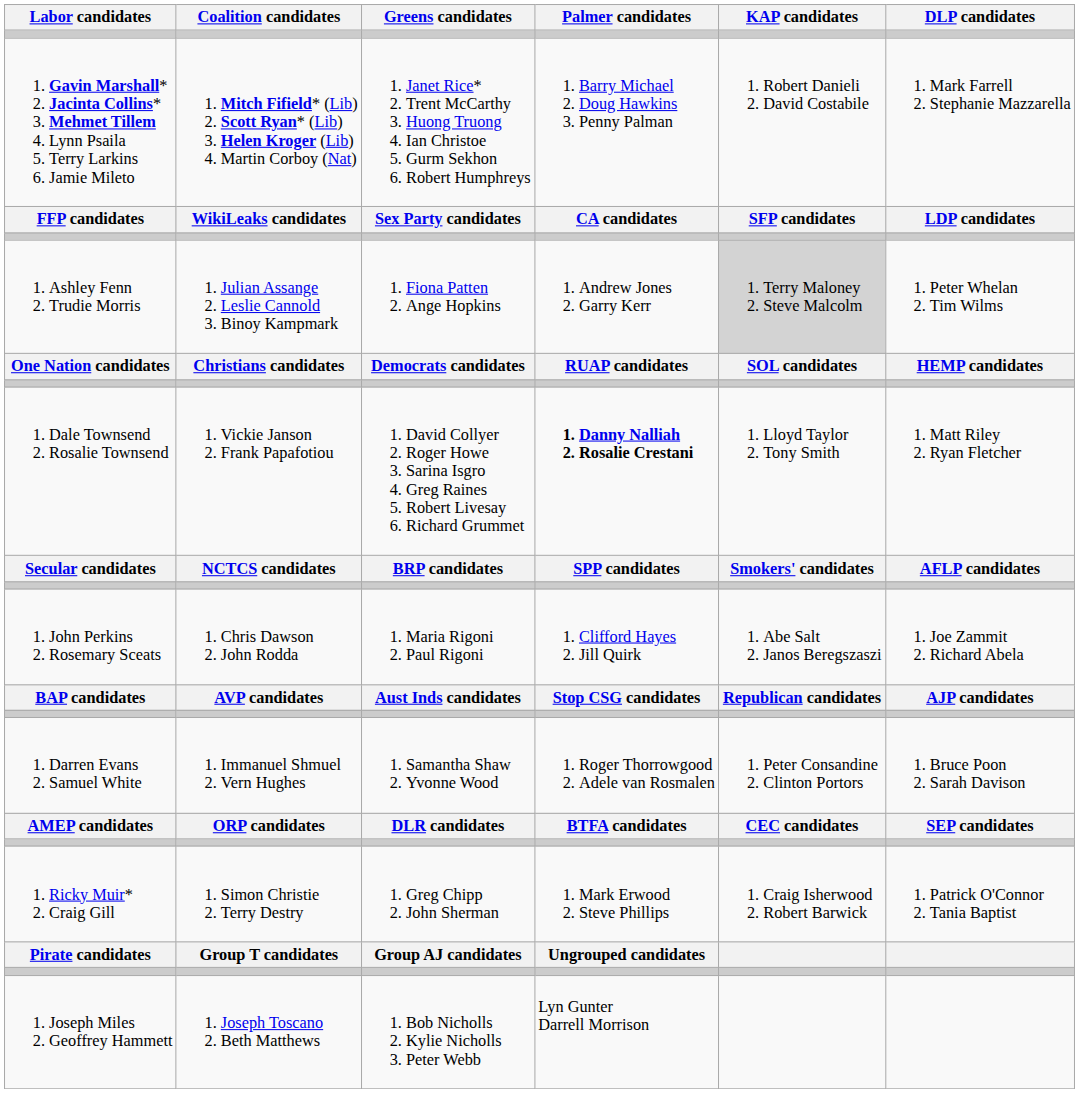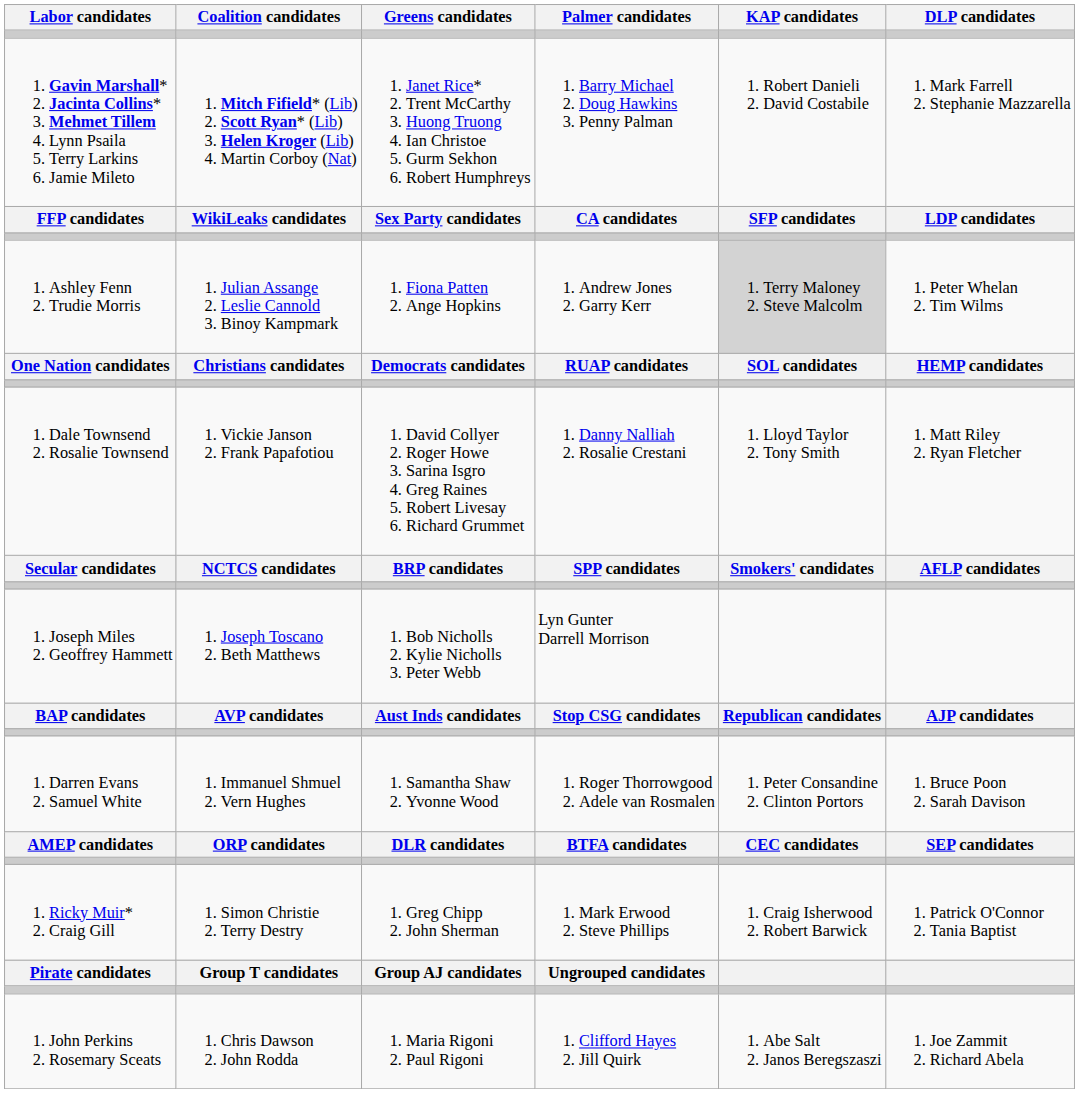 <table class="wikitable">
 <tr>
 <th><a href='#'>Labor</a> candidates</th>
 <th><a href='#'>Coalition</a> candidates</th>
 <th><a href='#'>Greens</a> candidates</th>
 <th><a href='#'>Palmer</a> candidates</th>
 <th><a href='#'>KAP</a> candidates</th>
 <th><a href='#'>DLP</a> candidates</th>
 </tr>
 <tr style="background:#ccc;">
 <td></td>
 <td></td>
 <td></td>
 <td></td>
 <td></td>
 <td></td>
 </tr>
 <tr>
 <td><br><ol><li><strong><a href='#'>Gavin Marshall</a></strong>*</li><li><strong><a href='#'>Jacinta Collins</a></strong>*</li><li><strong><a href='#'>Mehmet Tillem</a></strong></li><li>Lynn Psaila</li><li>Terry Larkins</li><li>Jamie Mileto</li></ol></td>
 <td><br><ol><li><strong><a href='#'>Mitch Fifield</a></strong>* (<a href='#'>Lib</a>)</li><li><strong><a href='#'>Scott Ryan</a></strong>* (<a href='#'>Lib</a>)</li><li><strong><a href='#'>Helen Kroger</a></strong> (<a href='#'>Lib</a>)</li><li>Martin Corboy (<a href='#'>Nat</a>)</li></ol></td>
 <td><br><ol><li><a href='#'>Janet Rice</a>*</li><li>Trent McCarthy</li><li><a href='#'>Huong Truong</a></li><li>Ian Christoe</li><li>Gurm Sekhon</li><li>Robert Humphreys</li></ol></td>
 <td valign=top><br><ol><li><a href='#'>Barry Michael</a></li><li><a href='#'>Doug Hawkins</a></li><li>Penny Palman</li></ol></td>
 <td valign=top><br><ol><li>Robert Danieli</li><li>David Costabile</li></ol></td>
 <td valign=top><br><ol><li>Mark Farrell</li><li>Stephanie Mazzarella</li></ol></td>
 </tr>
 <tr style="background:#ccc;">
 <th><a href='#'>FFP</a> candidates</th>
 <th><a href='#'>WikiLeaks</a> candidates</th>
 <th><a href='#'>Sex Party</a> candidates</th>
 <th><a href='#'>CA</a> candidates</th>
 <th><a href='#'>SFP</a> candidates</th>
 <th><a href='#'>LDP</a> candidates</th>
 </tr>
 <tr style="background:#ccc;">
 <td></td>
 <td></td>
 <td></td>
 <td></td>
 <td></td>
 <td></td>
 </tr>
 <tr>
 <td valign=top><br><ol><li>Ashley Fenn</li><li>Trudie Morris</li></ol></td>
 <td valign=top><br><ol><li><a href='#'>Julian Assange</a></li><li><a href='#'>Leslie Cannold</a></li><li>Binoy Kampmark</li></ol></td>
 <td valign=top><br><ol><li><a href='#'>Fiona Patten</a></li><li>Ange Hopkins</li></ol></td>
 <td valign=top><br><ol><li>Andrew Jones</li><li>Garry Kerr</li></ol></td>
 <td valign=top style="background: lightgrey;"><br><ol><li>Terry Maloney</li><li>Steve Malcolm</li></ol></td>
 <td valign=top><br><ol><li>Peter Whelan</li><li>Tim Wilms</li></ol></td>
 </tr>
 <tr style="background:#ccc;">
 <th><a href='#'>One Nation</a> candidates</th>
 <th><a href='#'>Christians</a> candidates</th>
 <th><a href='#'>Democrats</a> candidates</th>
 <th><a href='#'>RUAP</a> candidates</th>
 <th><a href='#'>SOL</a> candidates</th>
 <th><a href='#'>HEMP</a> candidates</th>
 </tr>
 <tr style="background:#ccc;">
 <td></td>
 <td></td>
 <td></td>
 <td></td>
 <td></td>
 <td></td>
 </tr>
 <tr>
 <td valign=top><br><ol><li>Dale Townsend</li><li>Rosalie Townsend</li></ol></td>
 <td valign=top><br><ol><li>Vickie Janson</li><li>Frank Papafotiou</li></ol></td>
 <td valign=top><br><ol><li>David Collyer</li><li>Roger Howe</li><li>Sarina Isgro</li><li>Greg Raines</li><li>Robert Livesay</li><li>Richard Grummet</li></ol></td>
-<td valign=top><strong><br><ol><li><a href='#'>Danny Nalliah</a></li><li>Rosalie Crestani</li></ol></strong></td>
+<td valign=top><br><ol><li><a href='#'>Danny Nalliah</a></li><li>Rosalie Crestani</li></ol></td>
 <td valign=top><br><ol><li>Lloyd Taylor</li><li>Tony Smith</li></ol></td>
 <td valign=top><br><ol><li>Matt Riley</li><li>Ryan Fletcher</li></ol></td>
 </tr>
 <tr style="background:#ccc;">
 <th><a href='#'>Secular</a> candidates</th>
 <th><a href='#'>NCTCS</a> candidates</th>
 <th><a href='#'>BRP</a> candidates</th>
 <th><a href='#'>SPP</a> candidates</th>
 <th><a href='#'>Smokers'</a> candidates</th>
 <th><a href='#'>AFLP</a> candidates</th>
 </tr>
 <tr style="background:#ccc;">
 <td></td>
 <td></td>
 <td></td>
 <td></td>
 <td></td>
 <td></td>
 </tr>
 <tr>
-<td valign=top><br><ol><li>John Perkins</li><li>Rosemary Sceats</li></ol></td>
-<td valign=top><br><ol><li>Chris Dawson</li><li>John Rodda</li></ol></td>
-<td valign=top><br><ol><li>Maria Rigoni</li><li>Paul Rigoni</li></ol></td>
-<td valign=top><br><ol><li><a href='#'>Clifford Hayes</a></li><li>Jill Quirk</li></ol></td>
-<td valign=top><br><ol><li>Abe Salt</li><li>Janos Beregszaszi</li></ol></td>
-<td valign=top><br><ol><li>Joe Zammit</li><li>Richard Abela</li></ol></td>
+<td valign=top><br><ol><li>Joseph Miles</li><li>Geoffrey Hammett</li></ol></td>
+<td valign=top><br><ol><li><a href='#'>Joseph Toscano</a></li><li>Beth Matthews</li></ol></td>
+<td valign=top><br><ol><li>Bob Nicholls</li><li>Kylie Nicholls</li><li>Peter Webb</li></ol></td>
+<td valign=top><br>Lyn Gunter <br> Darrell Morrison</td>
+<td valign=top></td>
+<td valign=top></td>
 </tr>
 <tr style="background:#ccc;">
 <th><a href='#'>BAP</a> candidates</th>
 <th><a href='#'>AVP</a> candidates</th>
 <th><a href='#'>Aust Inds</a> candidates</th>
 <th><a href='#'>Stop CSG</a> candidates</th>
 <th><a href='#'>Republican</a> candidates</th>
 <th><a href='#'>AJP</a> candidates</th>
 </tr>
 <tr style="background:#ccc;">
 <td></td>
 <td></td>
 <td></td>
 <td></td>
 <td></td>
 <td></td>
 </tr>
 <tr>
 <td valign=top><br><ol><li>Darren Evans</li><li>Samuel White</li></ol></td>
 <td valign=top><br><ol><li>Immanuel Shmuel</li><li>Vern Hughes</li></ol></td>
 <td valign=top><br><ol><li>Samantha Shaw</li><li>Yvonne Wood</li></ol></td>
 <td valign=top><br><ol><li>Roger Thorrowgood</li><li>Adele van Rosmalen</li></ol></td>
 <td valign=top><br><ol><li>Peter Consandine</li><li>Clinton Portors</li></ol></td>
 <td valign=top><br><ol><li>Bruce Poon</li><li>Sarah Davison</li></ol></td>
 </tr>
 <tr style="background:#ccc;">
 <th><a href='#'>AMEP</a> candidates</th>
 <th><a href='#'>ORP</a> candidates</th>
 <th><a href='#'>DLR</a> candidates</th>
 <th><a href='#'>BTFA</a> candidates</th>
 <th><a href='#'>CEC</a> candidates</th>
 <th><a href='#'>SEP</a> candidates</th>
 </tr>
 <tr style="background:#ccc;">
 <td></td>
 <td></td>
 <td></td>
 <td></td>
 <td></td>
 <td></td>
 </tr>
 <tr>
 <td><br><ol><li><a href='#'>Ricky Muir</a>*</li><li>Craig Gill</li></ol></td>
 <td valign=top><br><ol><li>Simon Christie</li><li>Terry Destry</li></ol></td>
 <td valign=top><br><ol><li>Greg Chipp</li><li>John Sherman</li></ol></td>
 <td valign=top><br><ol><li>Mark Erwood</li><li>Steve Phillips</li></ol></td>
 <td valign=top><br><ol><li>Craig Isherwood</li><li>Robert Barwick</li></ol></td>
 <td valign=top><br><ol><li>Patrick O'Connor</li><li>Tania Baptist</li></ol></td>
 </tr>
 <tr style="background:#ccc;">
 <th><a href='#'>Pirate</a> candidates</th>
 <th>Group T candidates</th>
 <th>Group AJ candidates</th>
 <th>Ungrouped candidates</th>
 <th></th>
 <th></th>
 </tr>
 <tr style="background:#ccc;">
 <td></td>
 <td></td>
 <td></td>
 <td></td>
 <td></td>
 <td></td>
 </tr>
 <tr>
-<td valign=top><br><ol><li>Joseph Miles</li><li>Geoffrey Hammett</li></ol></td>
-<td valign=top><br><ol><li><a href='#'>Joseph Toscano</a></li><li>Beth Matthews</li></ol></td>
-<td valign=top><br><ol><li>Bob Nicholls</li><li>Kylie Nicholls</li><li>Peter Webb</li></ol></td>
-<td valign=top><br>Lyn Gunter <br> Darrell Morrison</td>
-<td valign=top></td>
-<td valign=top></td>
+<td valign=top><br><ol><li>John Perkins</li><li>Rosemary Sceats</li></ol></td>
+<td valign=top><br><ol><li>Chris Dawson</li><li>John Rodda</li></ol></td>
+<td valign=top><br><ol><li>Maria Rigoni</li><li>Paul Rigoni</li></ol></td>
+<td valign=top><br><ol><li><a href='#'>Clifford Hayes</a></li><li>Jill Quirk</li></ol></td>
+<td valign=top><br><ol><li>Abe Salt</li><li>Janos Beregszaszi</li></ol></td>
+<td valign=top><br><ol><li>Joe Zammit</li><li>Richard Abela</li></ol></td>
 </tr>
 </table>
